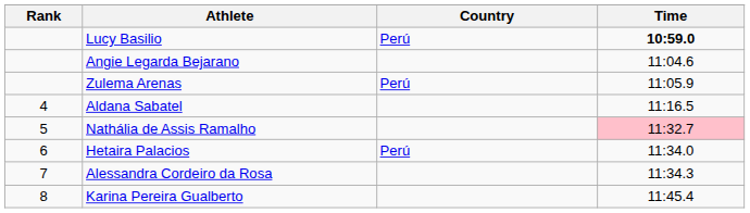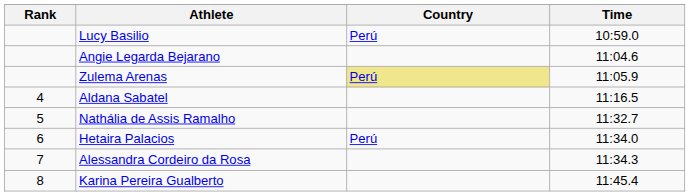 <table class="wikitable sortable" style=" text-align:center; font-size:95%;" width="50%">
 <tr>
 </tr>
 <tr>
 <th width=5%>Rank</th>
 <th width=20%>Athlete</th>
 <th width=15%>Country</th>
 <th width=10%>Time</th>
 </tr>
 <tr>
 <td align=center></td>
 <td align=left><a href='#'>Lucy Basilio</a></td>
 <td align=left> <a href='#'>Perú</a></td>
-<td><strong>10:59.0</strong></td>
+<td>10:59.0</td>
 </tr>
 <tr>
 <td align=center></td>
 <td align=left><a href='#'>Angie Legarda Bejarano</a></td>
 <td align=left></td>
 <td>11:04.6</td>
 </tr>
 <tr>
 <td align=center></td>
 <td align=left><a href='#'>Zulema Arenas</a></td>
-<td align=left> <a href='#'>Perú</a></td>
+<td align=left style="background: khaki;"> <a href='#'>Perú</a></td>
 <td>11:05.9</td>
 </tr>
 <tr>
 <td align=center>4</td>
 <td align=left><a href='#'>Aldana Sabatel</a></td>
 <td align=left></td>
 <td>11:16.5</td>
 </tr>
 <tr>
 <td align=center>5</td>
 <td align=left><a href='#'>Nathália de Assis Ramalho</a></td>
 <td align=left></td>
-<td style="background: pink;">11:32.7</td>
+<td>11:32.7</td>
 </tr>
 <tr>
 <td align=center>6</td>
 <td align=left><a href='#'>Hetaira Palacios</a></td>
 <td align=left> <a href='#'>Perú</a></td>
 <td>11:34.0</td>
 </tr>
 <tr>
 <td align=center>7</td>
 <td align=left><a href='#'>Alessandra Cordeiro da Rosa</a></td>
 <td align=left></td>
 <td>11:34.3</td>
 </tr>
 <tr>
 <td align=center>8</td>
 <td align=left><a href='#'>Karina Pereira Gualberto</a></td>
 <td align=left></td>
 <td>11:45.4</td>
 </tr>
 </table>
